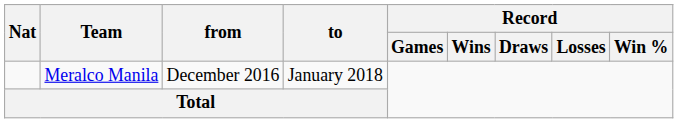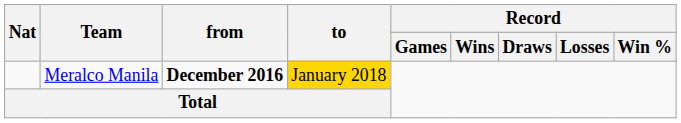 <table class="wikitable" style="text-align: center">
 <tr>
 <th rowspan=2>Nat</th>
 <th rowspan=2>Team</th>
 <th rowspan=2>from</th>
 <th rowspan=2>to</th>
 <th colspan=5>Record</th>
 </tr>
 <tr>
 <th>Games</th>
 <th>Wins</th>
 <th>Draws</th>
 <th>Losses</th>
 <th>Win %</th>
 </tr>
 <tr>
 <td></td>
 <td><a href='#'>Meralco Manila</a></td>
-<td align="left">December 2016</td>
-<td align="left">January 2018<br></td>
+<td align="left"><strong>December 2016</strong></td>
+<td align="left" style="background: gold;">January 2018<br></td>
 </tr>
 <tr>
 <th colspan=4>Total<br></th>
 </tr>
 </table>
